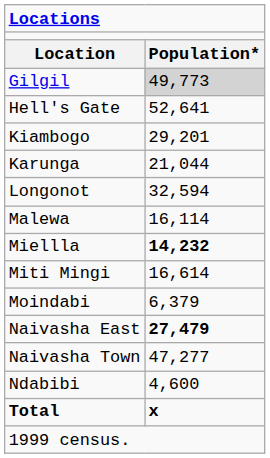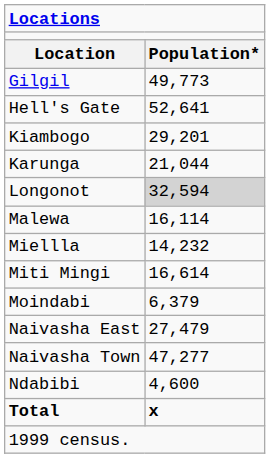 <table class="wikitable">
 <tr>
 <td colspan="2"><strong><a href='#'>Locations</a></strong></td>
 </tr>
 <tr>
 <td colspan="2"></td>
 </tr>
 <tr>
 <th>Location</th>
 <th>Population*</th>
 </tr>
 <tr>
 <td><a href='#'>Gilgil</a></td>
-<td style="background: lightgrey;">49,773</td>
+<td>49,773</td>
 </tr>
 <tr>
 <td>Hell's Gate</td>
 <td>52,641</td>
 </tr>
 <tr>
 <td>Kiambogo</td>
 <td>29,201</td>
 </tr>
 <tr>
 <td>Karunga</td>
 <td>21,044</td>
 </tr>
 <tr>
 <td>Longonot</td>
-<td>32,594</td>
+<td style="background: lightgrey;">32,594</td>
 </tr>
 <tr>
 <td>Malewa</td>
 <td>16,114</td>
 </tr>
 <tr>
 <td>Miellla</td>
-<td><strong>14,232</strong></td>
+<td>14,232</td>
 </tr>
 <tr>
 <td>Miti Mingi</td>
 <td>16,614</td>
 </tr>
 <tr>
 <td>Moindabi</td>
 <td>6,379</td>
 </tr>
 <tr>
 <td>Naivasha East</td>
-<td><strong>27,479</strong></td>
+<td>27,479</td>
 </tr>
 <tr>
 <td>Naivasha Town</td>
 <td>47,277</td>
 </tr>
 <tr>
 <td>Ndabibi</td>
 <td>4,600</td>
 </tr>
 <tr>
 <td><strong>Total</strong></td>
 <td><strong>x</strong></td>
 </tr>
 <tr>
 <td colspan="2">1999 census.</td>
 </tr>
 </table>
